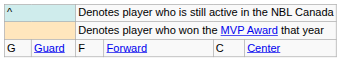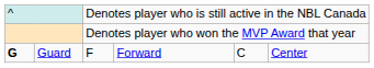 <table class="wikitable">
 <tr>
 <td style="background-color:#CFECEC; width:6em" colspan=2>^</td>
 <td colspan=5>Denotes player who is still active in the NBL Canada</td>
 </tr>
 <tr>
 <td style="background-color:#FFE6BD; border:1px solid #aaaaaa; width:6em" colspan=2></td>
 <td colspan=5>Denotes player who won the <a href='#'>MVP Award</a> that year</td>
 </tr>
 <tr>
-<td style="width:2em">G</td>
+<td style="width:2em"><strong>G</strong></td>
 <td colspan=2><a href='#'>Guard</a></td>
 <td>F</td>
 <td><a href='#'>Forward</a></td>
 <td>C</td>
 <td><a href='#'>Center</a></td>
 </tr>
 </table>
